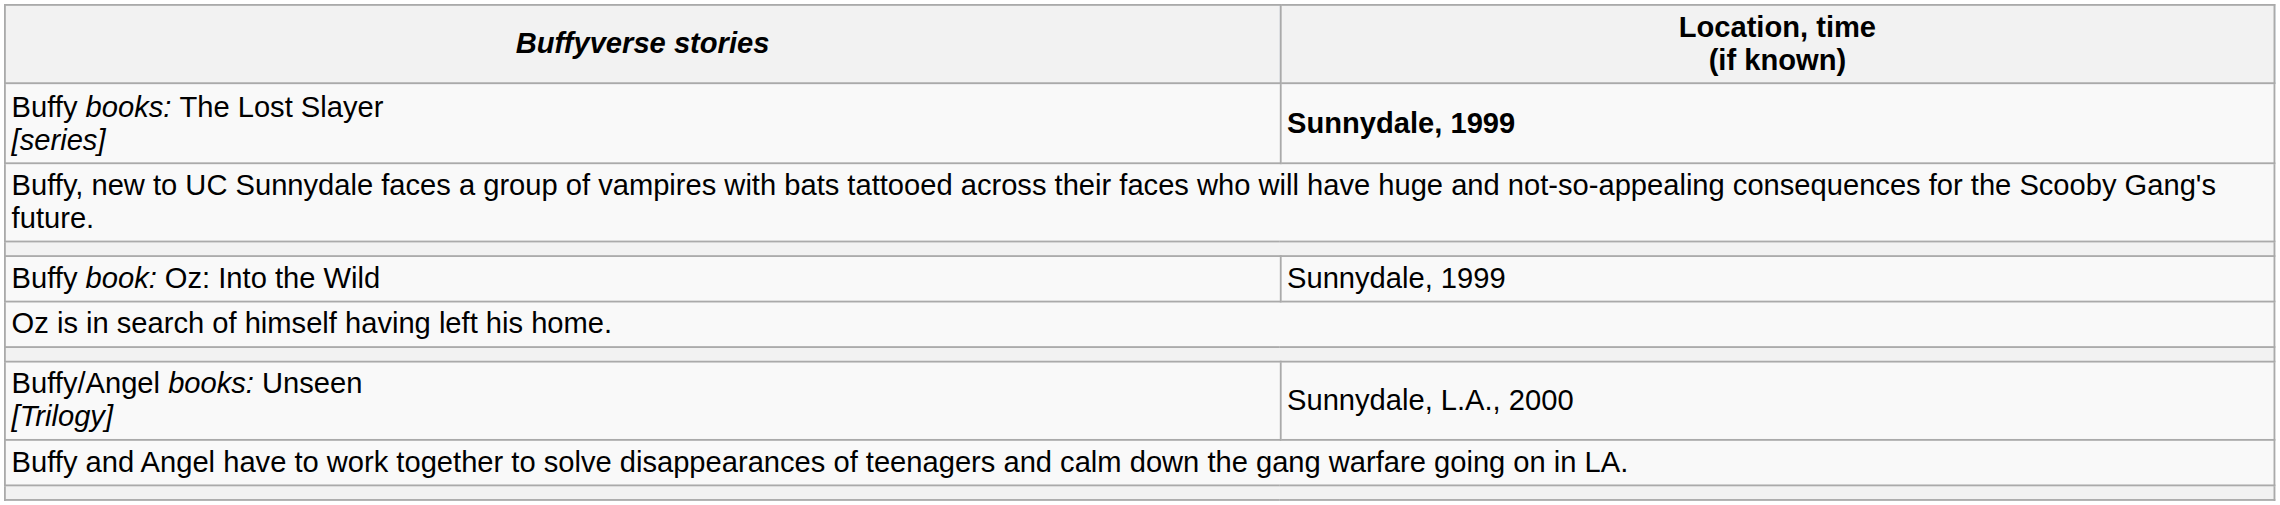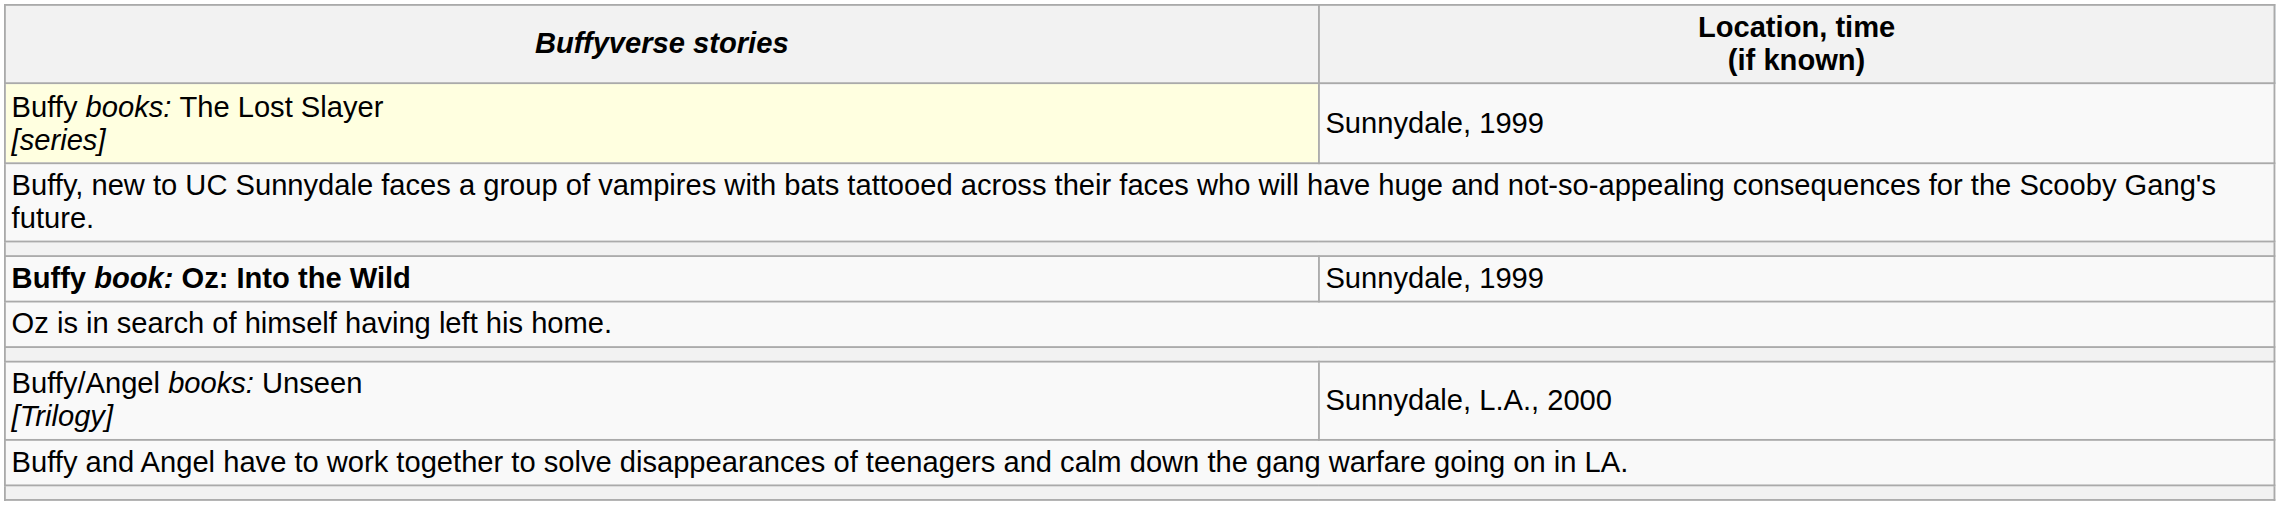 <table class="wikitable">
 <tr bgcolor="lightsteelblue" align=left>
 <th><strong><em>Buffyverse<em> stories<strong></th>
 <th></strong>Location, time<strong> <br>  (if known)</th>
 </tr>
 <tr>
-<td></em>Buffy<em> books: </em>The Lost Slayer<em> <br>[series]</td>
-<td><strong>Sunnydale, 1999</strong></td>
+<td style="background: lightyellow;"></em>Buffy<em> books: </em>The Lost Slayer<em> <br>[series]</td>
+<td>Sunnydale, 1999</td>
 </tr>
 <tr>
 <td colspan="4">Buffy, new to UC Sunnydale faces a group of vampires with bats tattooed across their faces who will have huge and not-so-appealing consequences for the Scooby Gang's future.</td>
 </tr>
 <tr>
 <td colspan="6" bgcolor="#f2f2f2"></td>
 </tr>
 <tr>
-<td></em>Buffy<em> book: </em>Oz: Into the Wild<em></td>
+<td><strong></em>Buffy<em> book: </em>Oz: Into the Wild<em></strong></td>
 <td>Sunnydale, 1999</td>
 </tr>
 <tr>
 <td colspan="4">Oz is in search of himself having left his home.</td>
 </tr>
 <tr>
 <td colspan="6" bgcolor="#f2f2f2"></td>
 </tr>
 <tr>
 <td></em>Buffy/Angel<em> books: </em>Unseen<em> <br>[Trilogy]</td>
 <td>Sunnydale, L.A., 2000</td>
 </tr>
 <tr>
 <td colspan="4">Buffy and Angel have to work together to solve disappearances of teenagers and calm down the gang warfare going on in LA.</td>
 </tr>
 <tr>
 <td colspan="6" bgcolor="#f2f2f2"></td>
 </tr>
 </table>
